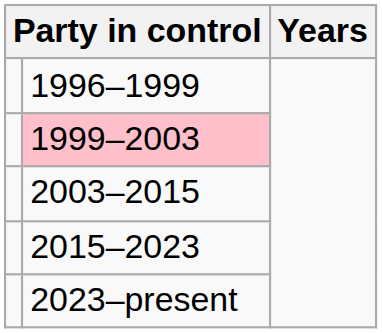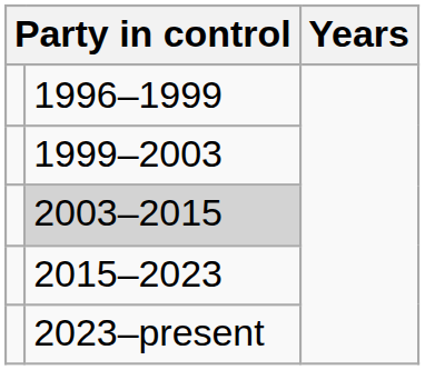 <table class="wikitable">
 <tr>
 <th colspan="2">Party in control</th>
 <th>Years</th>
 </tr>
 <tr>
 <td></td>
 <td>1996–1999</td>
 </tr>
 <tr>
 <td></td>
-<td style="background: pink;">1999–2003</td>
+<td>1999–2003</td>
 </tr>
 <tr>
 <td></td>
-<td>2003–2015</td>
+<td style="background: lightgrey;">2003–2015</td>
 </tr>
 <tr>
 <td></td>
 <td>2015–2023</td>
 </tr>
 <tr>
 <td></td>
 <td>2023–present</td>
 </tr>
 </table>
